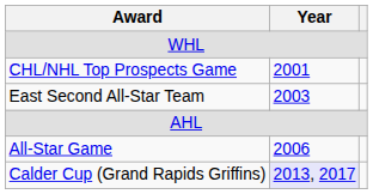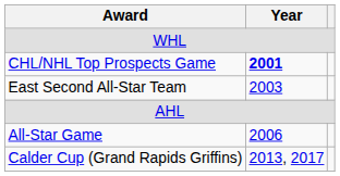 <table class="wikitable">
 <tr>
 <th>Award</th>
 <th>Year</th>
 <th></th>
 </tr>
 <tr ALIGN="center" bgcolor="#e0e0e0">
 <td colspan="3"><a href='#'>WHL</a></td>
 </tr>
 <tr>
 <td><a href='#'>CHL/NHL Top Prospects Game</a></td>
-<td><a href='#'>2001</a></td>
+<td><strong><a href='#'>2001</a></strong></td>
 <td></td>
 </tr>
 <tr>
 <td>East Second All-Star Team</td>
 <td><a href='#'>2003</a></td>
 <td></td>
 </tr>
 <tr ALIGN="center" bgcolor="#e0e0e0">
 <td colspan="3"><a href='#'>AHL</a></td>
 </tr>
 <tr>
 <td><a href='#'>All-Star Game</a></td>
 <td><a href='#'>2006</a></td>
 <td></td>
 </tr>
 <tr>
 <td><a href='#'>Calder Cup</a> (Grand Rapids Griffins)</td>
-<td style="background: lavender;"><a href='#'>2013</a>, <a href='#'>2017</a></td>
+<td><a href='#'>2013</a>, <a href='#'>2017</a></td>
 <td></td>
 </tr>
 </table>
